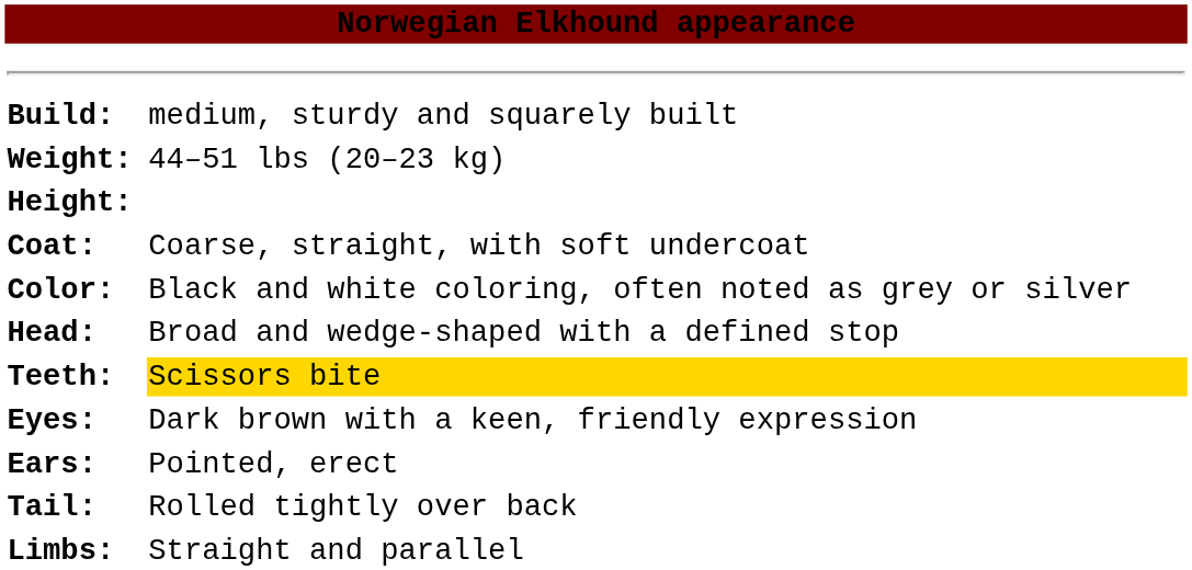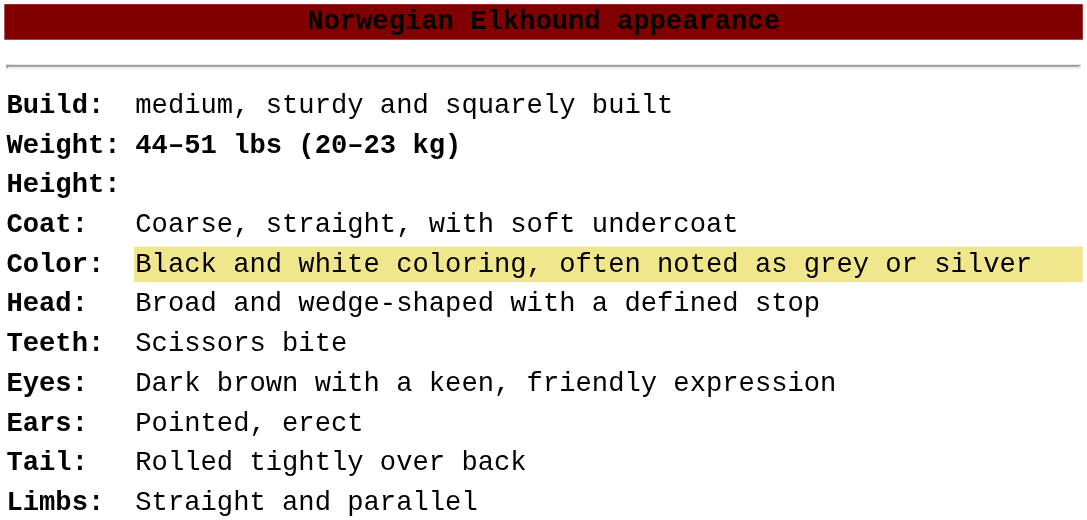 <table class="toccolours" style="fixed: right; margin-left: 1em;" width="520px">
 <tr>
 <th colspan="3" style="text-align: center; background:maroon"><span>Norwegian Elkhound appearance</span></th>
 </tr>
 <tr>
 </tr>
 <tr>
 <td colspan="3"><hr></td>
 </tr>
 <tr>
 <td><strong>Build:</strong></td>
 <td>medium, sturdy and squarely built</td>
 </tr>
 <tr>
 <td><strong>Weight:</strong></td>
-<td>44–51 lbs (20–23 kg)</td>
+<td><strong>44–51 lbs (20–23 kg)</strong></td>
 </tr>
 <tr>
 <td><strong>Height:</strong></td>
 <td></td>
 </tr>
 <tr>
 <td><strong>Coat:</strong></td>
 <td>Coarse, straight, with soft undercoat</td>
 </tr>
 <tr>
 <td><strong>Color:</strong></td>
-<td>Black and white coloring, often noted as grey or silver</td>
+<td style="background: khaki;">Black and white coloring, often noted as grey or silver</td>
 </tr>
 <tr>
 <td><strong>Head:</strong></td>
 <td>Broad and wedge-shaped with a defined stop</td>
 </tr>
 <tr>
 <td><strong>Teeth:</strong></td>
-<td style="background: gold;">Scissors bite</td>
+<td>Scissors bite</td>
 </tr>
 <tr>
 <td><strong>Eyes:</strong></td>
 <td>Dark brown with a keen, friendly expression</td>
 </tr>
 <tr>
 <td><strong>Ears:</strong></td>
 <td>Pointed, erect</td>
 </tr>
 <tr>
 <td><strong>Tail:</strong></td>
 <td>Rolled tightly over back</td>
 </tr>
 <tr>
 <td><strong>Limbs:</strong></td>
 <td>Straight and parallel</td>
 </tr>
 <tr>
 </tr>
 <tr>
 </tr>
 </table>
